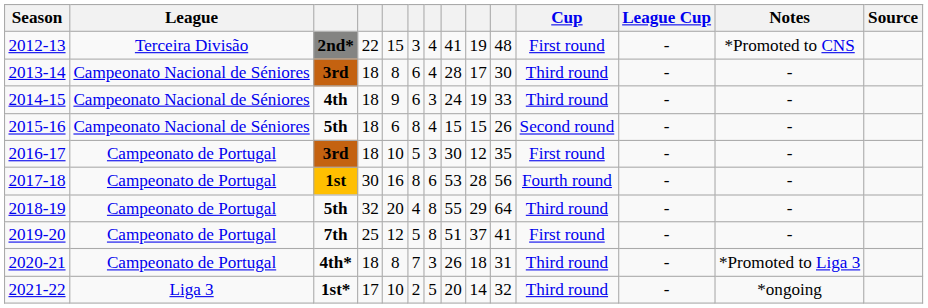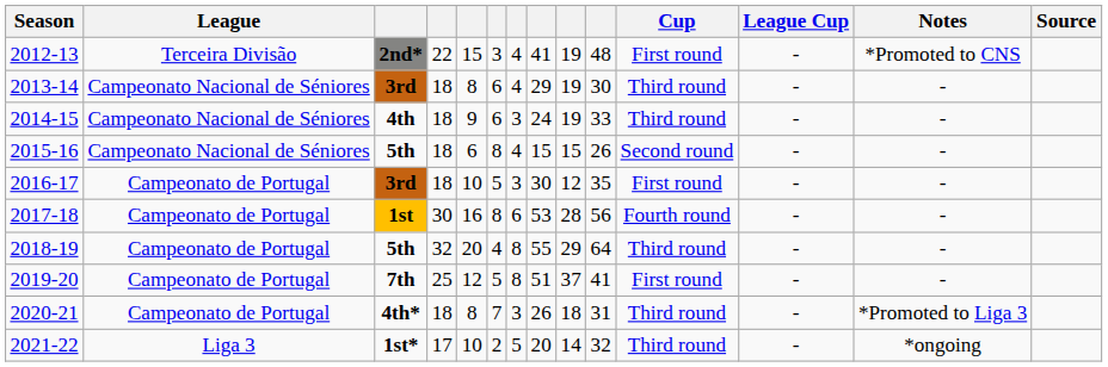 <table class="wikitable" style="text-align:center;">
 <tr>
 <th>Season</th>
 <th>League</th>
 <th></th>
 <th></th>
 <th></th>
 <th></th>
 <th></th>
 <th></th>
 <th></th>
 <th></th>
 <th><a href='#'>Cup</a></th>
 <th><a href='#'>League Cup</a></th>
 <th>Notes</th>
 <th>Source</th>
 </tr>
 <tr>
 <td><a href='#'>2012-13</a></td>
 <td><a href='#'>Terceira Divisão</a></td>
 <td style="background:#848482"><strong>2nd*</strong></td>
 <td>22</td>
 <td>15</td>
 <td>3</td>
 <td>4</td>
 <td>41</td>
 <td>19</td>
 <td>48</td>
 <td><a href='#'>First round</a></td>
 <td>-</td>
 <td>*Promoted to <a href='#'>CNS</a></td>
 <td></td>
 </tr>
 <tr>
 <td><a href='#'>2013-14</a></td>
 <td><a href='#'>Campeonato Nacional de Séniores</a></td>
 <td style="background:#C46210;"><strong>3rd</strong></td>
 <td>18</td>
 <td>8</td>
 <td>6</td>
 <td>4</td>
-<td>28</td>
-<td>17</td>
+<td>29</td>
+<td>19</td>
 <td>30</td>
 <td><a href='#'>Third round</a></td>
 <td>-</td>
 <td>-</td>
 <td></td>
 </tr>
 <tr>
 <td><a href='#'>2014-15</a></td>
 <td><a href='#'>Campeonato Nacional de Séniores</a></td>
 <td><strong>4th</strong></td>
 <td>18</td>
 <td>9</td>
 <td>6</td>
 <td>3</td>
 <td>24</td>
 <td>19</td>
 <td>33</td>
 <td><a href='#'>Third round</a></td>
 <td>-</td>
 <td>-</td>
 <td></td>
 </tr>
 <tr>
 <td><a href='#'>2015-16</a></td>
 <td><a href='#'>Campeonato Nacional de Séniores</a></td>
 <td><strong>5th</strong></td>
 <td>18</td>
 <td>6</td>
 <td>8</td>
 <td>4</td>
 <td>15</td>
 <td>15</td>
 <td>26</td>
 <td><a href='#'>Second round</a></td>
 <td>-</td>
 <td>-</td>
 <td></td>
 </tr>
 <tr>
 <td><a href='#'>2016-17</a></td>
 <td><a href='#'>Campeonato de Portugal</a></td>
 <td style="background:#C46210;"><strong>3rd</strong></td>
 <td>18</td>
 <td>10</td>
 <td>5</td>
 <td>3</td>
 <td>30</td>
 <td>12</td>
 <td>35</td>
 <td><a href='#'>First round</a></td>
 <td>-</td>
 <td>-</td>
 <td></td>
 </tr>
 <tr>
 <td><a href='#'>2017-18</a></td>
 <td><a href='#'>Campeonato de Portugal</a></td>
 <td style="background:#FFBF00;"><strong>1st</strong></td>
 <td>30</td>
 <td>16</td>
 <td>8</td>
 <td>6</td>
 <td>53</td>
 <td>28</td>
 <td>56</td>
 <td><a href='#'>Fourth round</a></td>
 <td>-</td>
 <td>-</td>
 <td></td>
 </tr>
 <tr>
 <td><a href='#'>2018-19</a></td>
 <td><a href='#'>Campeonato de Portugal</a></td>
 <td><strong>5th</strong></td>
 <td>32</td>
 <td>20</td>
 <td>4</td>
 <td>8</td>
 <td>55</td>
 <td>29</td>
 <td>64</td>
 <td><a href='#'>Third round</a></td>
 <td>-</td>
 <td>-</td>
 <td></td>
 </tr>
 <tr>
 <td><a href='#'>2019-20</a></td>
 <td><a href='#'>Campeonato de Portugal</a></td>
 <td><strong>7th</strong></td>
 <td>25</td>
 <td>12</td>
 <td>5</td>
 <td>8</td>
 <td>51</td>
 <td>37</td>
 <td>41</td>
 <td><a href='#'>First round</a></td>
 <td>-</td>
 <td>-</td>
 <td></td>
 </tr>
 <tr>
 <td><a href='#'>2020-21</a></td>
 <td><a href='#'>Campeonato de Portugal</a></td>
 <td><strong>4th*</strong></td>
 <td>18</td>
 <td>8</td>
 <td>7</td>
 <td>3</td>
 <td>26</td>
 <td>18</td>
 <td>31</td>
 <td><a href='#'>Third round</a></td>
 <td>-</td>
 <td>*Promoted to <a href='#'>Liga 3</a></td>
 <td></td>
 </tr>
 <tr>
 <td><a href='#'>2021-22</a></td>
 <td><a href='#'>Liga 3</a></td>
 <td><strong>1st*</strong></td>
 <td>17</td>
 <td>10</td>
 <td>2</td>
 <td>5</td>
 <td>20</td>
 <td>14</td>
 <td>32</td>
 <td><a href='#'>Third round</a></td>
 <td>-</td>
 <td>*ongoing</td>
 <td></td>
 </tr>
 </table>
